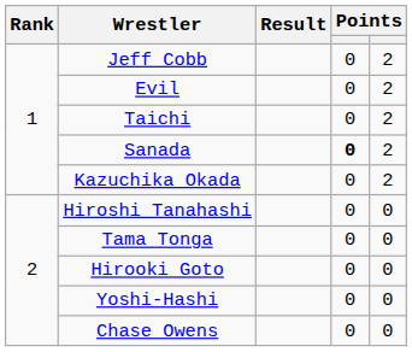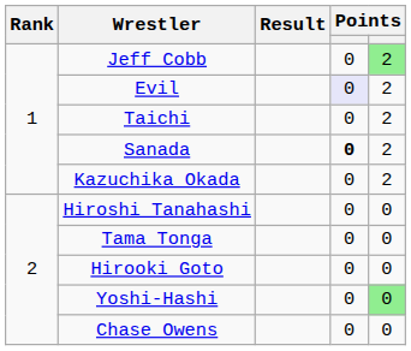 <table class="wikitable mw-collapsible mw-collapsed" plainrowheaders sortable" style="text-align: center">
 <tr>
 <th scope="col" rowspan="2">Rank</th>
 <th scope="col" rowspan="2">Wrestler</th>
 <th scope="col" rowspan="2">Result</th>
 <th scope="col" colspan="2">Points</th>
 </tr>
 <tr>
 <th></th>
 <th></th>
 </tr>
 <tr>
 <td rowspan="5">1</td>
 <td><a href='#'>Jeff Cobb</a></td>
 <td></td>
 <td>0</td>
-<td>2</td>
+<td style="background: lightgreen;">2</td>
 </tr>
 <tr>
 <td><a href='#'>Evil</a></td>
 <td></td>
-<td>0</td>
+<td style="background: lavender;">0</td>
 <td>2</td>
 </tr>
 <tr>
 <td><a href='#'>Taichi</a></td>
 <td></td>
 <td>0</td>
 <td>2</td>
 </tr>
 <tr>
 <td><a href='#'>Sanada</a></td>
 <td></td>
 <td><strong>0</strong></td>
 <td>2</td>
 </tr>
 <tr>
 <td><a href='#'>Kazuchika Okada</a></td>
 <td></td>
 <td>0</td>
 <td>2</td>
 </tr>
 <tr>
 <td rowspan="5">2</td>
 <td><a href='#'>Hiroshi Tanahashi</a></td>
 <td></td>
 <td>0</td>
 <td>0</td>
 </tr>
 <tr>
 <td><a href='#'>Tama Tonga</a></td>
 <td></td>
 <td>0</td>
 <td>0</td>
 </tr>
 <tr>
 <td><a href='#'>Hirooki Goto</a></td>
 <td></td>
 <td>0</td>
 <td>0</td>
 </tr>
 <tr>
 <td><a href='#'>Yoshi-Hashi</a></td>
 <td></td>
 <td>0</td>
-<td>0</td>
+<td style="background: lightgreen;">0</td>
 </tr>
 <tr>
 <td><a href='#'>Chase Owens</a></td>
 <td></td>
 <td>0</td>
 <td>0</td>
 </tr>
 </table>
